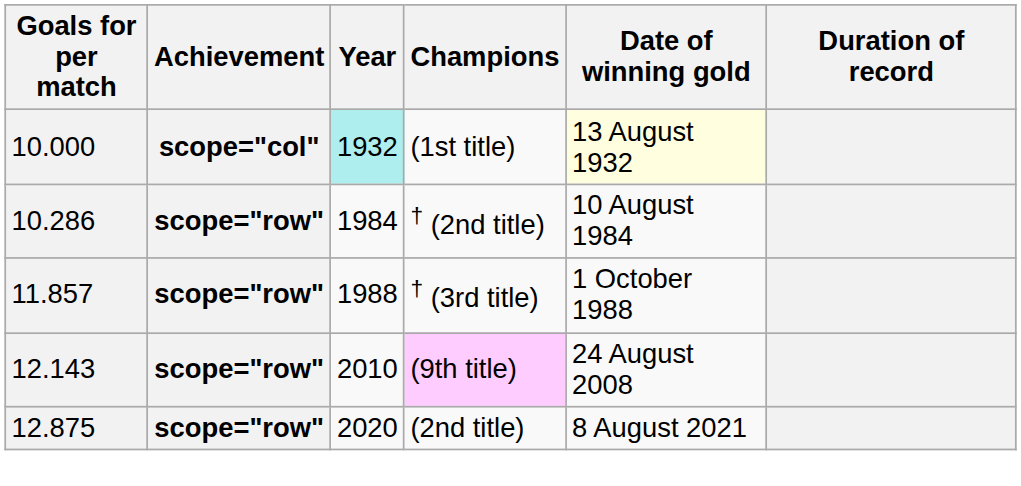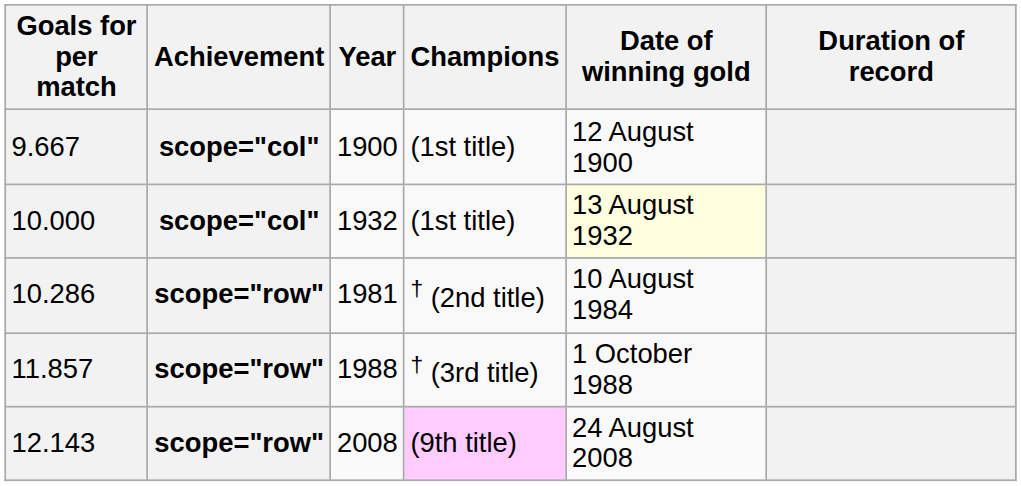 <table class="wikitable sticky-header col1right col3center col5right" style="margin-left: 1em;">
 <tr>
 <th scope="col">Goals for<br>per match</th>
 <th scope="col">Achievement</th>
 <th scope="col">Year</th>
 <th scope="col">Champions</th>
 <th scope="col">Date of<br>winning gold</th>
 <th scope="col">Duration of record</th>
 </tr>
 <tr>
+<td style="background-color: #f2f2f2;">9.667</td>
+<th>scope="col" </th>
+<td>1900</td>
+<td> (1st title)</td>
+<td>12 August 1900</td>
+<td style="background-color: #f2f2f2;"></td>
+</tr>
+<tr>
 <td style="background-color: #f2f2f2;">10.000</td>
 <th>scope="col" </th>
-<td style="background: paleturquoise;">1932</td>
+<td>1932</td>
 <td> (1st title)</td>
 <td style="background: lightyellow;">13 August 1932</td>
 <td style="background-color: #f2f2f2;"></td>
 </tr>
 <tr>
 <td style="background-color: #f2f2f2;">10.286</td>
 <th>scope="row" </th>
-<td>1984</td>
+<td>1981</td>
 <td><em></em><sup>†</sup> (2nd title)</td>
 <td>10 August 1984</td>
 <td style="background-color: #f2f2f2;"></td>
 </tr>
 <tr>
 <td style="background-color: #f2f2f2;">11.857</td>
 <th>scope="row" </th>
 <td>1988</td>
 <td><em></em><sup>†</sup> (3rd title)</td>
 <td>1 October 1988</td>
 <td style="background-color: #f2f2f2;"></td>
 </tr>
 <tr>
 <td style="background-color: #f2f2f2;">12.143</td>
 <th>scope="row" </th>
-<td>2010</td>
+<td>2008</td>
 <td style="background-color: #ffccff;"> (9th title)</td>
 <td>24 August 2008</td>
 <td style="background-color: #f2f2f2;"></td>
 </tr>
-<tr>
-<td style="background-color: #f2f2f2;">12.875</td>
-<th>scope="row" </th>
-<td>2020</td>
-<td> (2nd title)</td>
-<td>8 August 2021</td>
-<td style="background-color: #f2f2f2;"></td>
-</tr>
 </table>
